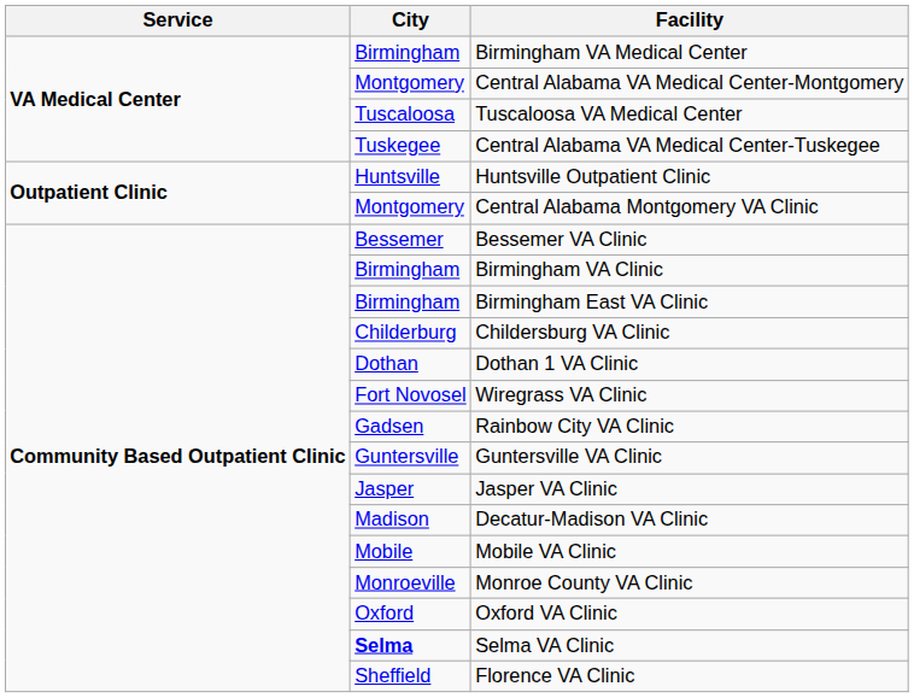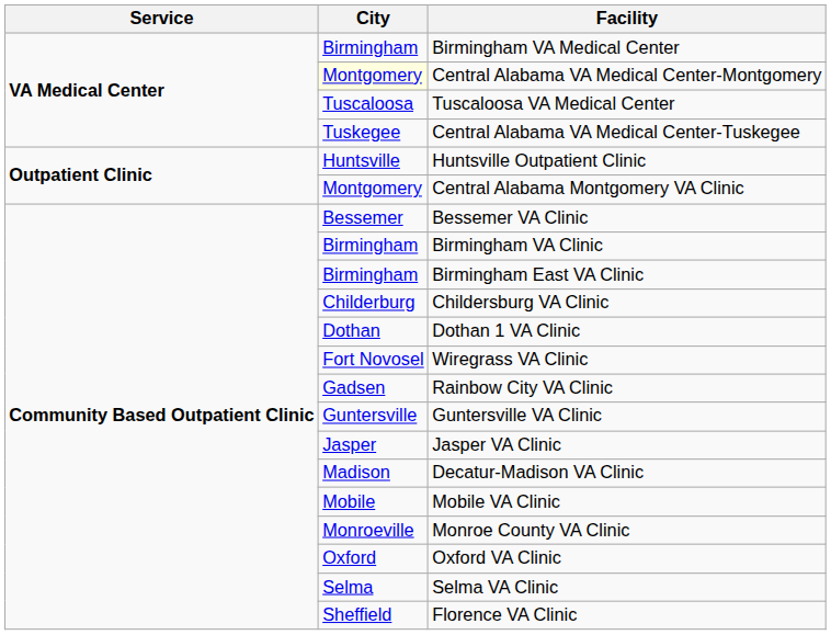 <table class="wikitable">
 <tr>
 <th>Service</th>
 <th>City</th>
 <th>Facility</th>
 </tr>
 <tr>
 <td rowspan=4><strong>VA Medical Center</strong></td>
 <td><a href='#'>Birmingham</a></td>
 <td>Birmingham VA Medical Center</td>
 </tr>
 <tr>
-<td><a href='#'>Montgomery</a></td>
+<td style="background: lightyellow;"><a href='#'>Montgomery</a></td>
 <td>Central Alabama VA Medical Center-Montgomery</td>
 </tr>
 <tr>
 <td><a href='#'>Tuscaloosa</a></td>
 <td>Tuscaloosa VA Medical Center</td>
 </tr>
 <tr>
 <td><a href='#'>Tuskegee</a></td>
 <td>Central Alabama VA Medical Center-Tuskegee</td>
 </tr>
 <tr>
 <td rowspan=2><strong>Outpatient Clinic</strong></td>
 <td><a href='#'>Huntsville</a></td>
 <td>Huntsville Outpatient Clinic</td>
 </tr>
 <tr>
 <td><a href='#'>Montgomery</a></td>
 <td>Central Alabama Montgomery VA Clinic</td>
 </tr>
 <tr>
 <td rowspan=15><strong>Community Based Outpatient Clinic</strong></td>
 <td><a href='#'>Bessemer</a></td>
 <td>Bessemer VA Clinic</td>
 </tr>
 <tr>
 <td><a href='#'>Birmingham</a></td>
 <td>Birmingham VA Clinic</td>
 </tr>
 <tr>
 <td><a href='#'>Birmingham</a></td>
 <td>Birmingham East VA Clinic</td>
 </tr>
 <tr>
 <td><a href='#'>Childerburg</a></td>
 <td>Childersburg VA Clinic</td>
 </tr>
 <tr>
 <td><a href='#'>Dothan</a></td>
 <td>Dothan 1 VA Clinic</td>
 </tr>
 <tr>
 <td><a href='#'>Fort Novosel</a></td>
 <td>Wiregrass VA Clinic</td>
 </tr>
 <tr>
 <td><a href='#'>Gadsen</a></td>
 <td>Rainbow City VA Clinic</td>
 </tr>
 <tr>
 <td><a href='#'>Guntersville</a></td>
 <td>Guntersville VA Clinic</td>
 </tr>
 <tr>
 <td><a href='#'>Jasper</a></td>
 <td>Jasper VA Clinic</td>
 </tr>
 <tr>
 <td><a href='#'>Madison</a></td>
 <td>Decatur-Madison VA Clinic</td>
 </tr>
 <tr>
 <td><a href='#'>Mobile</a></td>
 <td>Mobile VA Clinic</td>
 </tr>
 <tr>
 <td><a href='#'>Monroeville</a></td>
 <td>Monroe County VA Clinic</td>
 </tr>
 <tr>
 <td><a href='#'>Oxford</a></td>
 <td>Oxford VA Clinic</td>
 </tr>
 <tr>
-<td><strong><a href='#'>Selma</a></strong></td>
+<td><a href='#'>Selma</a></td>
 <td>Selma VA Clinic</td>
 </tr>
 <tr>
 <td><a href='#'>Sheffield</a></td>
 <td>Florence VA Clinic</td>
 </tr>
 </table>
